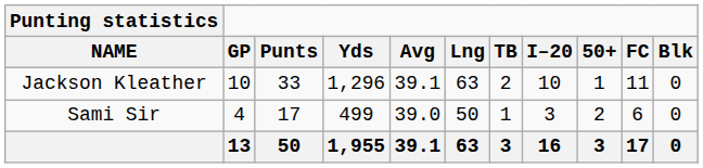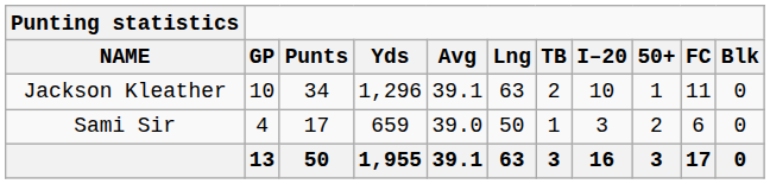 <table class="wikitable sortable" style="text-align:center;">
 <tr>
 <th style="text-align:center; ">Punting statistics</th>
 </tr>
 <tr>
 <th>NAME</th>
 <th>GP</th>
 <th>Punts</th>
 <th>Yds</th>
 <th>Avg</th>
 <th>Lng</th>
 <th>TB</th>
 <th>I–20</th>
 <th>50+</th>
 <th>FC</th>
 <th>Blk</th>
 </tr>
 <tr>
 <td>Jackson Kleather</td>
 <td>10</td>
-<td>33</td>
+<td>34</td>
 <td>1,296</td>
 <td>39.1</td>
 <td>63</td>
 <td>2</td>
 <td>10</td>
 <td>1</td>
 <td>11</td>
 <td>0</td>
 </tr>
 <tr>
 <td>Sami Sir</td>
 <td>4</td>
 <td>17</td>
-<td>499</td>
+<td>659</td>
 <td>39.0</td>
 <td>50</td>
 <td>1</td>
 <td>3</td>
 <td>2</td>
 <td>6</td>
 <td>0</td>
 </tr>
 <tr>
 <th colspan="1"></th>
 <th>13</th>
 <th>50</th>
 <th>1,955</th>
 <th>39.1</th>
 <th>63</th>
 <th>3</th>
 <th>16</th>
 <th>3</th>
 <th>17</th>
 <th>0</th>
 </tr>
 </table>
